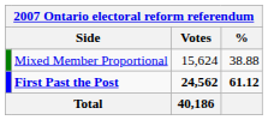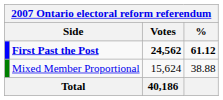 <table class="wikitable" style="font-size: 95%; clear:both">
 <tr style="background-color:#E9E9E9">
 <th colspan=4><a href='#'>2007 Ontario electoral reform referendum</a></th>
 </tr>
 <tr style="background-color:#E9E9E9">
 <th colspan=2 style="width: 130px">Side</th>
 <th style="width: 50px">Votes</th>
 <th style="width: 40px">%</th>
 </tr>
 <tr>
+<td bgcolor="blue"></td>
+<td><strong><a href='#'>First Past the Post</a></strong></td>
+<td align="right"><strong>24,562</strong></td>
+<td align="right"><strong>61.12</strong></td>
+</tr>
+<tr>
 <td bgcolor="green"></td>
 <td><a href='#'>Mixed Member Proportional</a></td>
 <td align="right">15,624</td>
 <td align="right">38.88</td>
-</tr>
-<tr>
-<td bgcolor="blue"></td>
-<td><strong><a href='#'>First Past the Post</a></strong></td>
-<td align="right"><strong>24,562</strong></td>
-<td align="right"><strong>61.12</strong></td>
 </tr>
 <tr bgcolor="white">
 <th align="left" colspan=2>Total</th>
 <th align="right">40,186</th>
 <th align="right"></th>
 </tr>
 </table>
